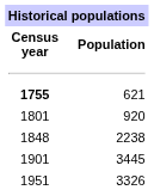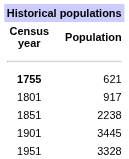 <table class="toccolours" align="right" cellpadding="4" cellspacing="0" style="margin:0 0 1em 1em; font-size: 95%;">
 <tr>
 <th colspan=2 style="background:#ccccff;" align="center">Historical populations</th>
 </tr>
 <tr>
 <th align="center">Census<br>year</th>
 <th align="right">Population</th>
 </tr>
 <tr>
 <td colspan=2><hr></td>
 </tr>
 <tr>
 <td align="center"><strong>1755</strong></td>
 <td align="right">621</td>
 </tr>
 <tr>
 <td align="center">1801</td>
-<td align="right">920</td>
+<td align="right">917</td>
 </tr>
 <tr>
-<td align="center">1848</td>
+<td align="center">1851</td>
 <td align="right">2238</td>
 </tr>
 <tr>
 <td align="center">1901</td>
 <td align="right">3445</td>
 </tr>
 <tr>
 <td align="center">1951</td>
-<td align="right">3326</td>
+<td align="right">3328</td>
 </tr>
 <tr>
 </tr>
 </table>
